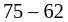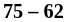 <table style="text-align:center">
 <tr>
 <th width=200></th>
 <th width=100></th>
 <th width=200></th>
 <th></th>
 </tr>
 <tr>
 <td align=right><strong></strong></td>
-<td>75 – 62</td>
+<td><strong>75 – 62</strong></td>
 <td align=left></td>
 </tr>
 </table>
